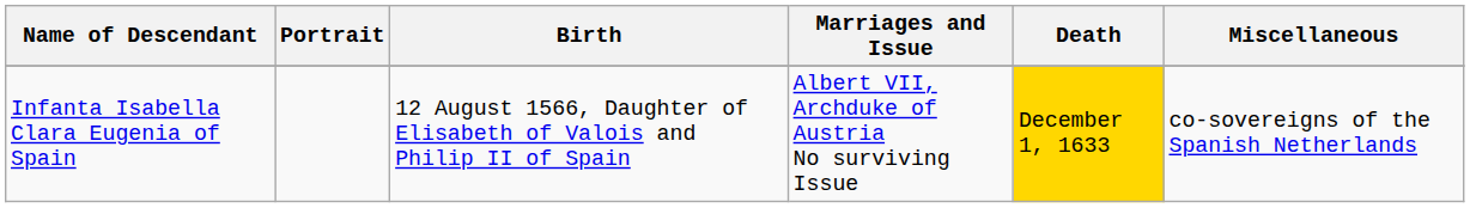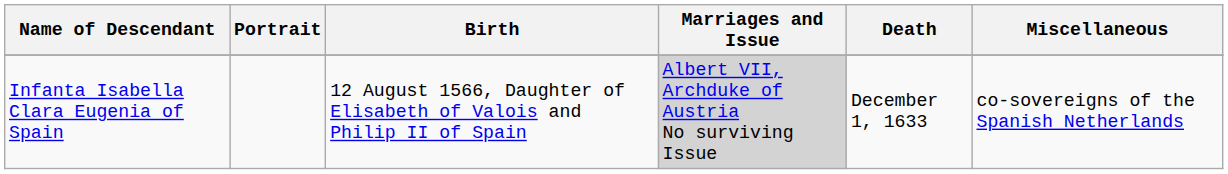 <table class="wikitable">
 <tr ->
 <th>Name of Descendant</th>
 <th>Portrait</th>
 <th>Birth</th>
 <th>Marriages and Issue</th>
 <th>Death</th>
 <th>Miscellaneous</th>
 </tr>
 <tr ->
 </tr>
 <tr>
 <td><a href='#'>Infanta Isabella Clara Eugenia of Spain</a></td>
 <td></td>
 <td>12 August 1566, Daughter of <a href='#'>Elisabeth of Valois</a> and <a href='#'>Philip II of Spain</a></td>
-<td><a href='#'>Albert VII, Archduke of Austria</a><br>No surviving Issue</td>
-<td style="background: gold;">December 1, 1633</td>
+<td style="background: lightgrey;"><a href='#'>Albert VII, Archduke of Austria</a><br>No surviving Issue</td>
+<td>December 1, 1633</td>
 <td>co-sovereigns of the <a href='#'>Spanish Netherlands</a></td>
 </tr>
 </table>
